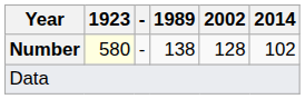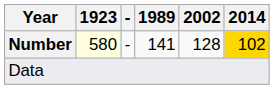 <table class="wikitable" style="text-align:right">
 <tr>
 <th>Year</th>
 <th>1923</th>
 <th>-</th>
 <th>1989</th>
 <th>2002</th>
 <th>2014</th>
 </tr>
 <tr>
 <th>Number</th>
 <td style="background: lightyellow;">580</td>
 <td>-</td>
-<td>138</td>
+<td>141</td>
 <td> 128</td>
-<td> 102</td>
+<td style="background: gold;"> 102</td>
 </tr>
 <tr>
 <td colspan=15 class="wikitable" style="align:left;text-align:left;background-color:#eaecf0">Data</td>
 </tr>
 </table>
